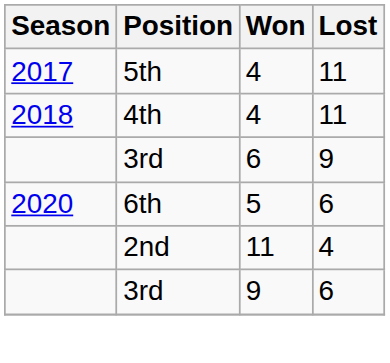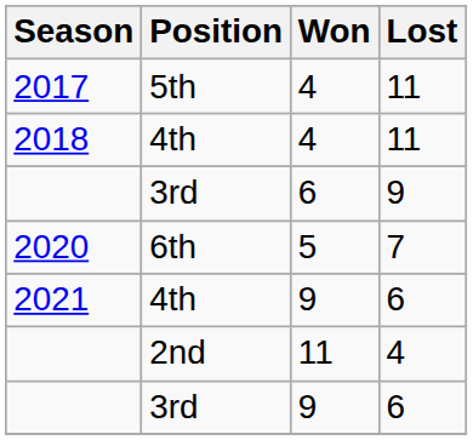 <table class="wikitable collapsible">
 <tr>
 <th>Season</th>
 <th>Position</th>
 <th>Won</th>
 <th>Lost</th>
 </tr>
 <tr>
 <td><a href='#'>2017</a></td>
 <td>5th</td>
 <td>4</td>
 <td>11</td>
 </tr>
 <tr>
 <td><a href='#'>2018</a></td>
 <td>4th</td>
 <td>4</td>
 <td>11</td>
 </tr>
 <tr style="background-color:#">
 <td></td>
 <td>3rd</td>
 <td>6</td>
 <td>9</td>
 </tr>
 <tr>
 <td><a href='#'>2020</a></td>
 <td>6th</td>
 <td>5</td>
+<td>7</td>
+</tr>
+<tr>
+<td><a href='#'>2021</a></td>
+<td>4th</td>
+<td>9</td>
 <td>6</td>
 </tr>
 <tr style="background-color:#">
 <td></td>
 <td>2nd</td>
 <td>11</td>
 <td>4</td>
 </tr>
 <tr style="background-color:#">
 <td></td>
 <td>3rd</td>
 <td>9</td>
 <td>6</td>
 </tr>
 <tr>
 </tr>
 </table>
